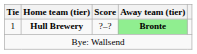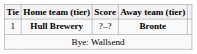 <table class="wikitable" style="text-align:center; font-size:85%">
 <tr>
 <th>Tie</th>
 <th>Home team (tier)</th>
 <th>Score</th>
 <th>Away team (tier)</th>
 <th></th>
 </tr>
 <tr>
 <td align="center">1</td>
 <td><strong>Hull Brewery</strong></td>
 <td align="center">?–?</td>
-<td style="background: lightgreen;"><strong>Bronte</strong></td>
+<td><strong>Bronte</strong></td>
 <td></td>
 </tr>
 <tr>
 <td colspan="5">Bye: Wallsend</td>
 </tr>
 </table>
